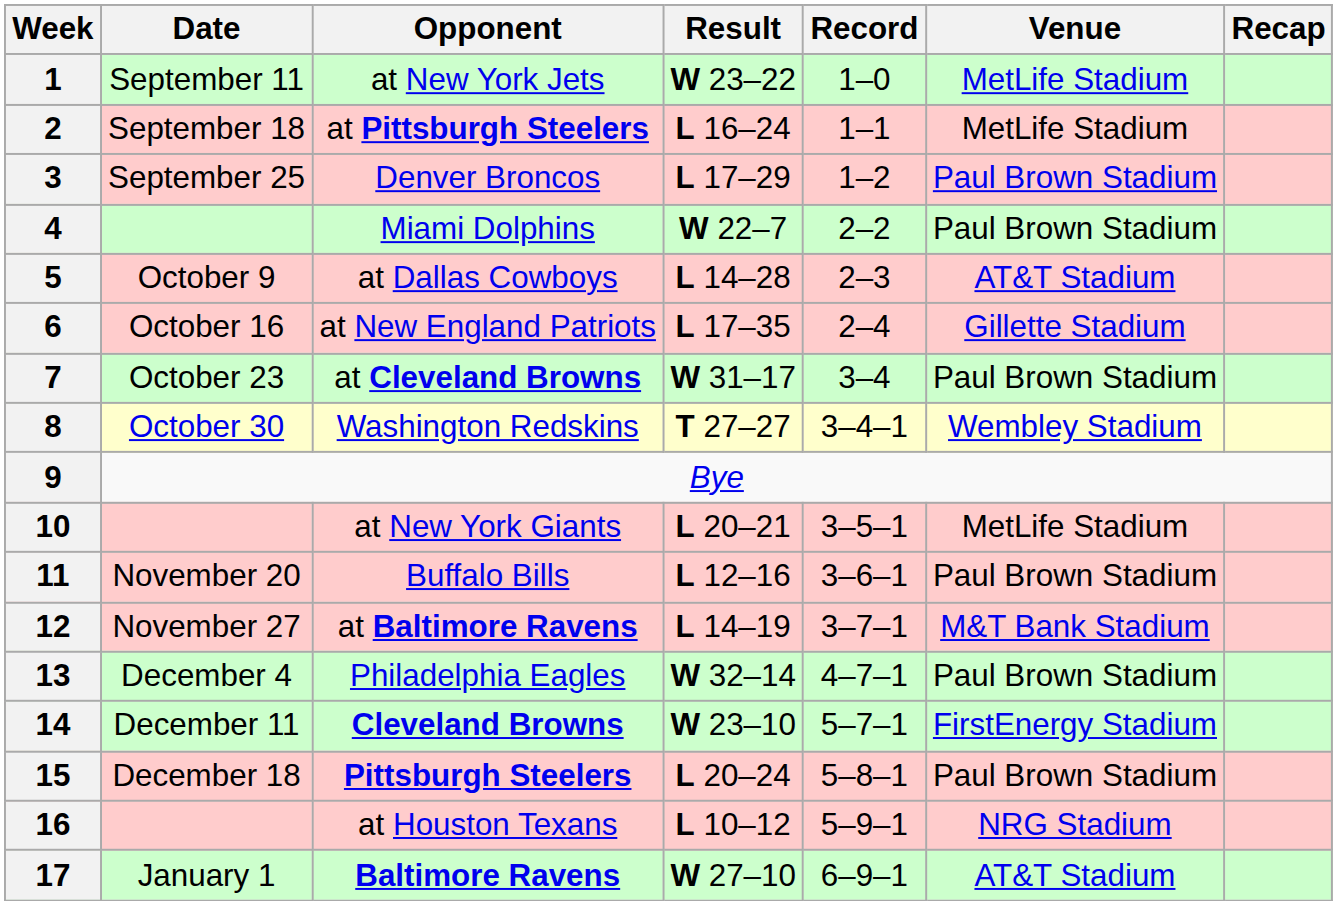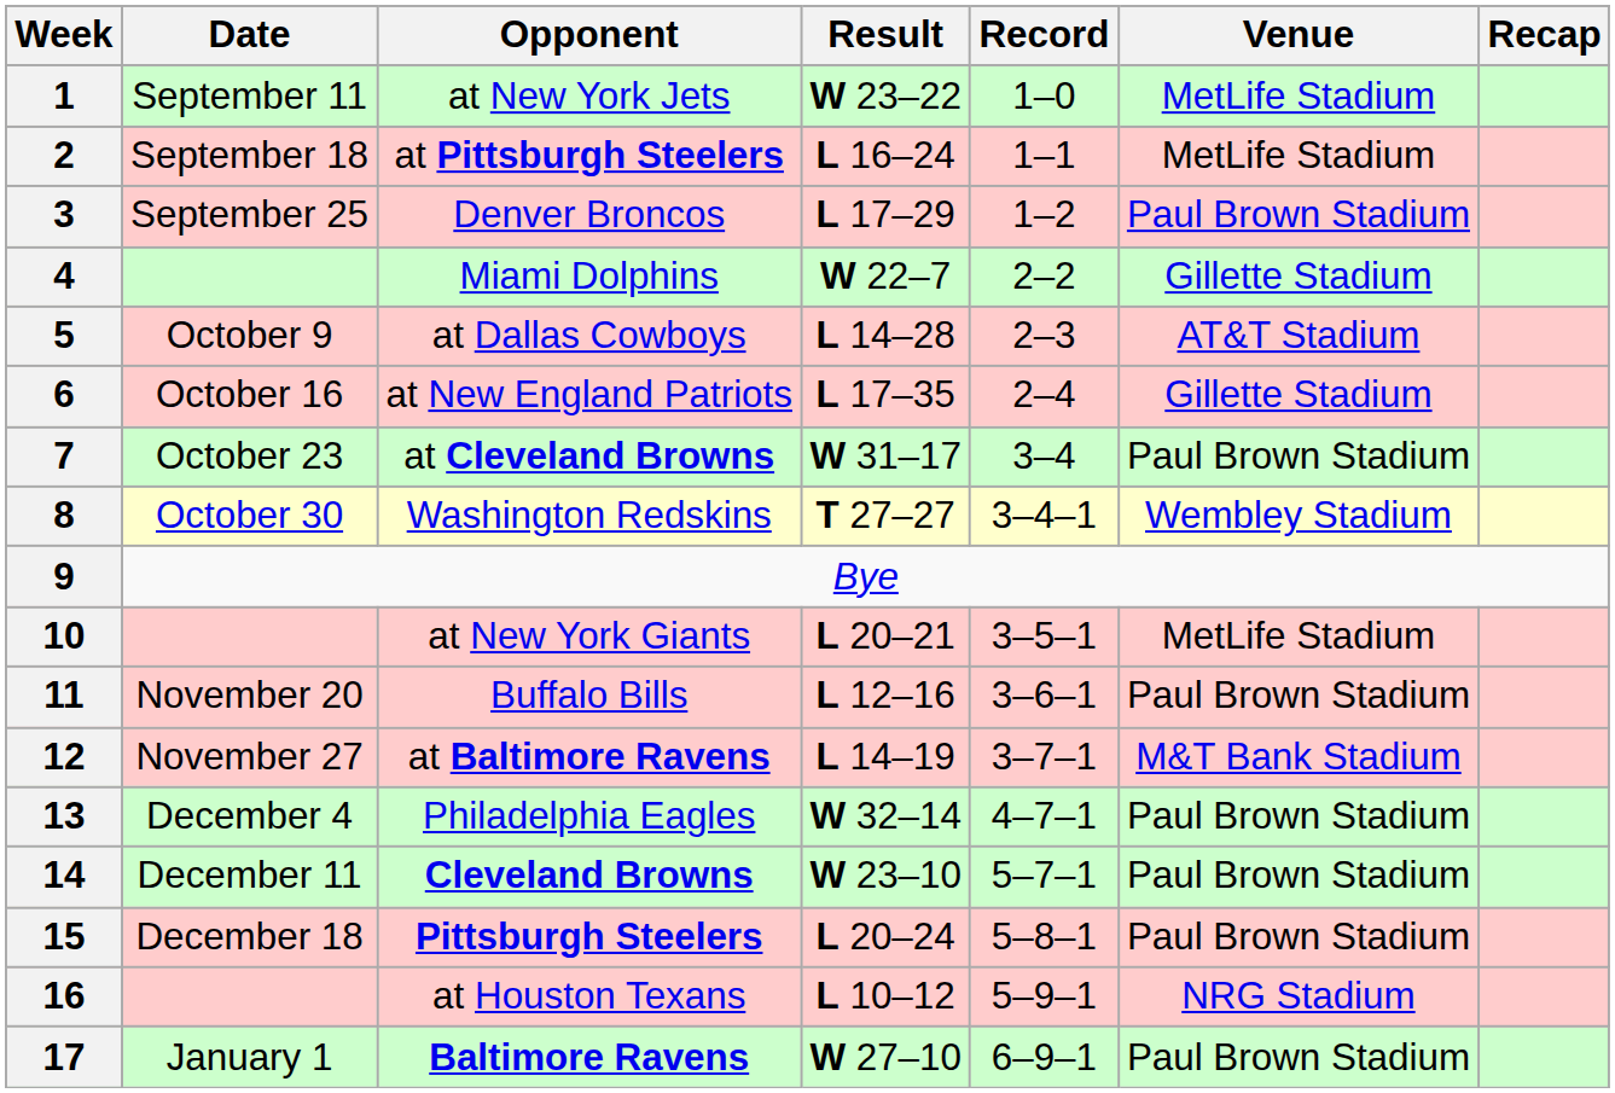 <table class="wikitable" style="text-align:center">
 <tr>
 <th>Week</th>
 <th>Date</th>
 <th>Opponent</th>
 <th>Result</th>
 <th>Record</th>
 <th>Venue</th>
 <th>Recap</th>
 </tr>
 <tr style="background:#cfc">
 <th>1</th>
 <td>September 11</td>
 <td>at <a href='#'>New York Jets</a></td>
 <td><strong>W</strong> 23–22</td>
 <td>1–0</td>
 <td><a href='#'>MetLife Stadium</a></td>
 <td></td>
 </tr>
 <tr style="background:#fcc">
 <th>2</th>
 <td>September 18</td>
 <td>at <strong><a href='#'>Pittsburgh Steelers</a></strong></td>
 <td><strong>L</strong> 16–24</td>
 <td>1–1</td>
 <td>MetLife Stadium</td>
 <td></td>
 </tr>
 <tr style="background:#fcc">
 <th>3</th>
 <td>September 25</td>
 <td><a href='#'>Denver Broncos</a></td>
 <td><strong>L</strong> 17–29</td>
 <td>1–2</td>
 <td><a href='#'>Paul Brown Stadium</a></td>
 <td></td>
 </tr>
 <tr style="background:#cfc">
 <th>4</th>
 <td></td>
 <td><a href='#'>Miami Dolphins</a></td>
 <td><strong>W</strong> 22–7</td>
 <td>2–2</td>
-<td>Paul Brown Stadium</td>
+<td><a href='#'>Gillette Stadium</a></td>
 <td></td>
 </tr>
 <tr style="background:#fcc">
 <th>5</th>
 <td>October 9</td>
 <td>at <a href='#'>Dallas Cowboys</a></td>
 <td><strong>L</strong> 14–28</td>
 <td>2–3</td>
 <td><a href='#'>AT&T Stadium</a></td>
 <td></td>
 </tr>
 <tr style="background:#fcc">
 <th>6</th>
 <td>October 16</td>
 <td>at <a href='#'>New England Patriots</a></td>
 <td><strong>L</strong> 17–35</td>
 <td>2–4</td>
 <td><a href='#'>Gillette Stadium</a></td>
 <td></td>
 </tr>
 <tr style="background:#cfc">
 <th>7</th>
 <td>October 23</td>
 <td>at <strong><a href='#'>Cleveland Browns</a></strong></td>
 <td><strong>W</strong> 31–17</td>
 <td>3–4</td>
 <td>Paul Brown Stadium</td>
 <td></td>
 </tr>
 <tr style="background:#ffc">
 <th>8</th>
 <td><a href='#'>October 30</a></td>
 <td><a href='#'>Washington Redskins</a></td>
 <td><strong>T</strong> 27–27 </td>
 <td>3–4–1</td>
 <td> <a href='#'>Wembley Stadium</a> </td>
 <td></td>
 </tr>
 <tr>
 <th>9</th>
 <td colspan="6"><em><a href='#'>Bye</a></em></td>
 </tr>
 <tr style="background:#fcc">
 <th>10</th>
 <td></td>
 <td>at <a href='#'>New York Giants</a></td>
 <td><strong>L</strong> 20–21</td>
 <td>3–5–1</td>
 <td>MetLife Stadium</td>
 <td></td>
 </tr>
 <tr style="background:#fcc">
 <th>11</th>
 <td>November 20</td>
 <td><a href='#'>Buffalo Bills</a></td>
 <td><strong>L</strong> 12–16</td>
 <td>3–6–1</td>
 <td>Paul Brown Stadium</td>
 <td></td>
 </tr>
 <tr style="background:#fcc">
 <th>12</th>
 <td>November 27</td>
 <td>at <strong><a href='#'>Baltimore Ravens</a></strong></td>
 <td><strong>L</strong> 14–19</td>
 <td>3–7–1</td>
 <td><a href='#'>M&T Bank Stadium</a></td>
 <td></td>
 </tr>
 <tr style="background:#cfc">
 <th>13</th>
 <td>December 4</td>
 <td><a href='#'>Philadelphia Eagles</a></td>
 <td><strong>W</strong> 32–14</td>
 <td>4–7–1</td>
 <td>Paul Brown Stadium</td>
 <td></td>
 </tr>
 <tr style="background:#cfc">
 <th>14</th>
 <td>December 11</td>
 <td><strong><a href='#'>Cleveland Browns</a></strong></td>
 <td><strong>W</strong> 23–10</td>
 <td>5–7–1</td>
-<td><a href='#'>FirstEnergy Stadium</a></td>
+<td>Paul Brown Stadium</td>
 <td></td>
 </tr>
 <tr style="background:#fcc">
 <th>15</th>
 <td>December 18</td>
 <td><strong><a href='#'>Pittsburgh Steelers</a></strong></td>
 <td><strong>L</strong> 20–24</td>
 <td>5–8–1</td>
 <td>Paul Brown Stadium</td>
 <td></td>
 </tr>
 <tr style="background:#fcc">
 <th>16</th>
 <td></td>
 <td>at <a href='#'>Houston Texans</a></td>
 <td><strong>L</strong> 10–12</td>
 <td>5–9–1</td>
 <td><a href='#'>NRG Stadium</a></td>
 <td></td>
 </tr>
 <tr style="background:#cfc">
 <th>17</th>
 <td>January 1</td>
 <td><strong><a href='#'>Baltimore Ravens</a></strong></td>
 <td><strong>W</strong> 27–10</td>
 <td>6–9–1</td>
-<td><a href='#'>AT&T Stadium</a></td>
+<td>Paul Brown Stadium</td>
 <td></td>
 </tr>
 </table>
